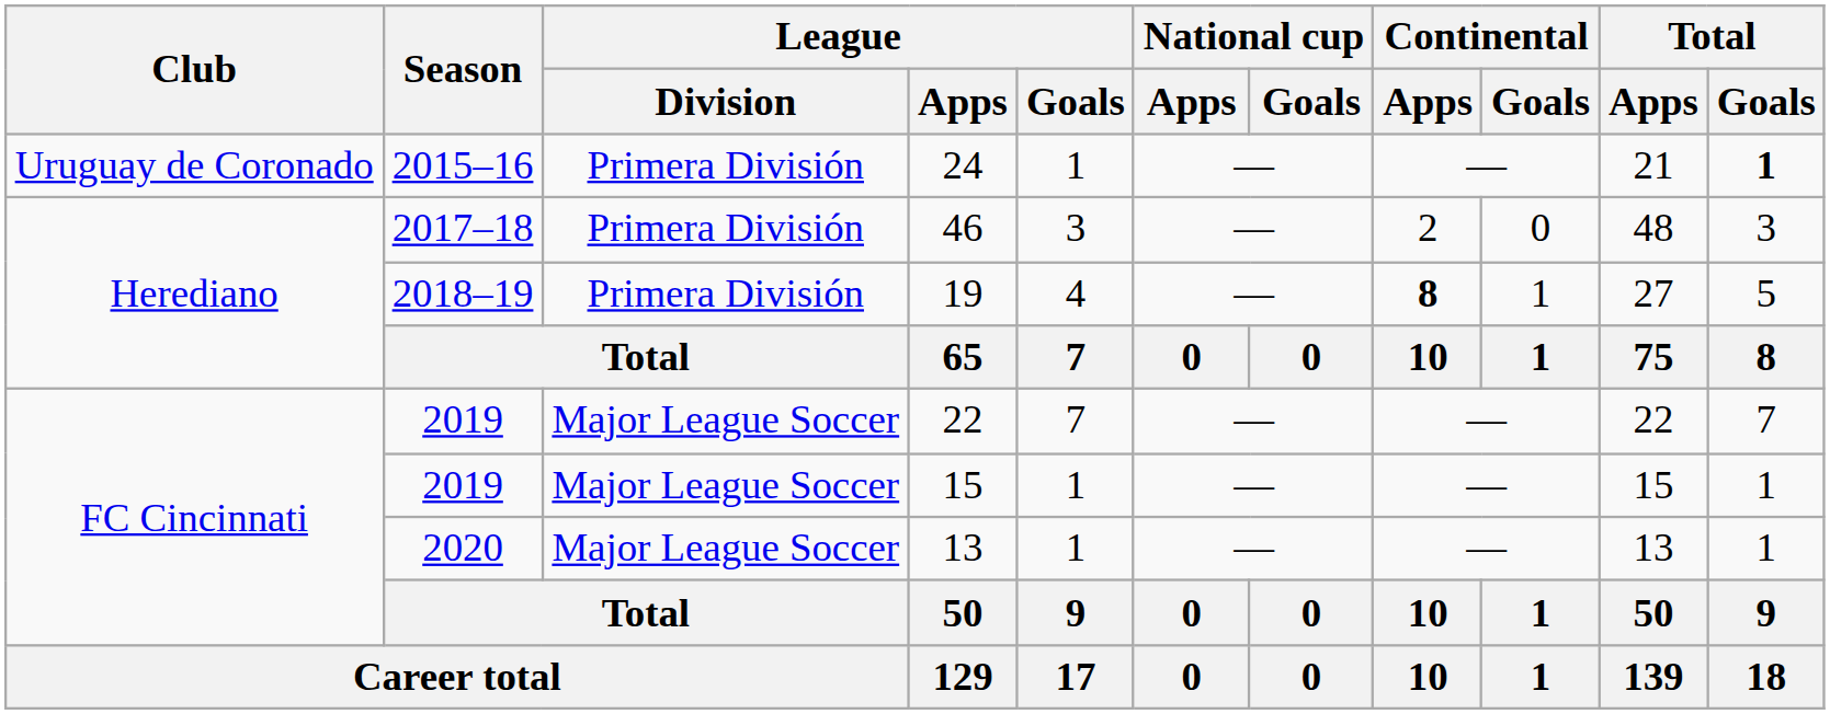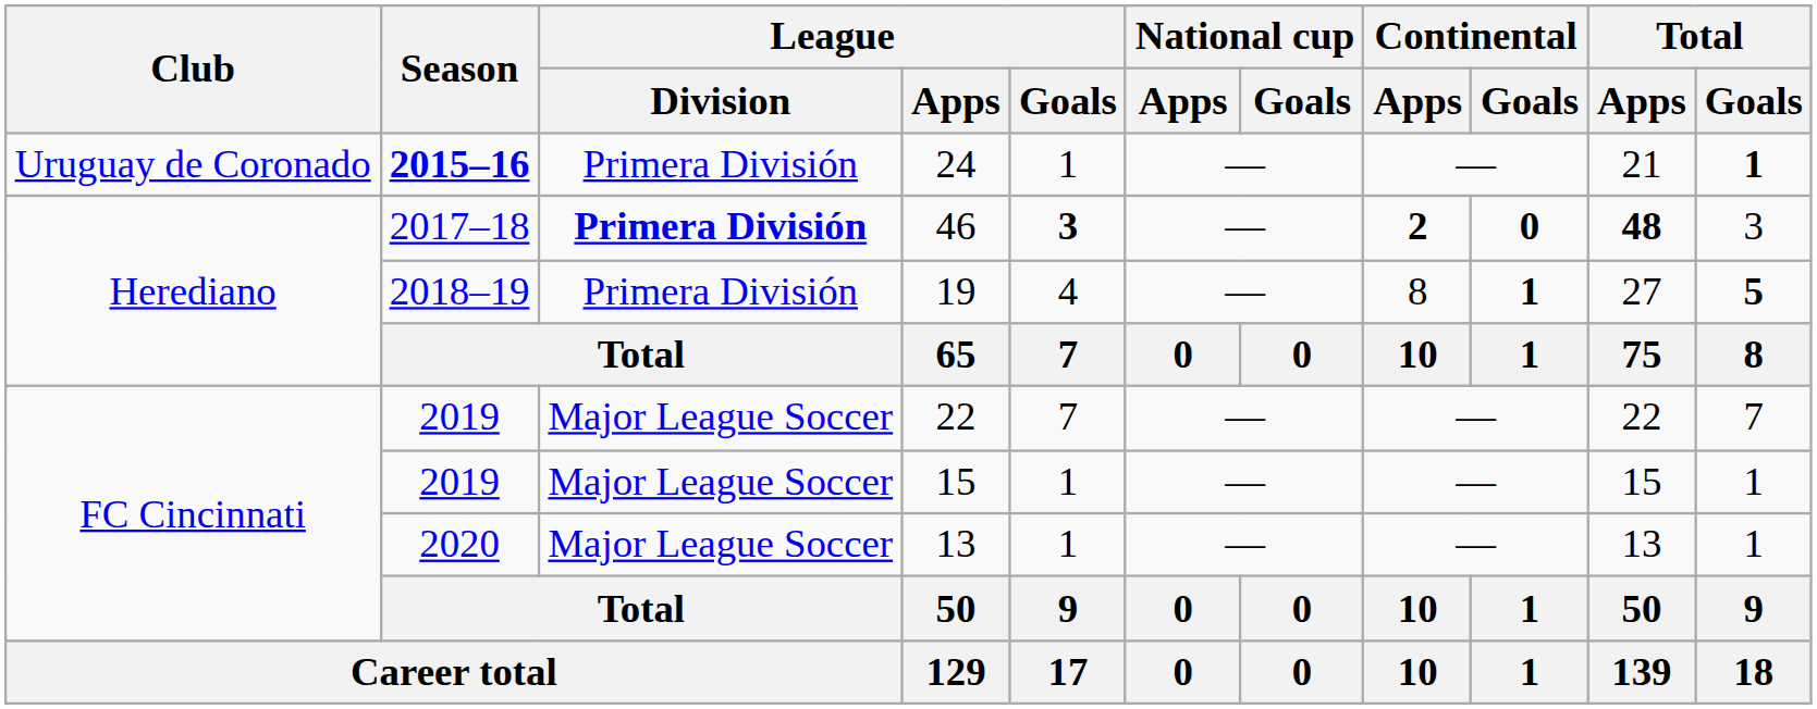 <table class=wikitable style=text-align:center>
 <tr>
 <th rowspan=2>Club</th>
 <th rowspan=2>Season</th>
 <th colspan=3>League</th>
 <th colspan=2>National cup</th>
 <th colspan=2>Continental</th>
 <th colspan=2>Total</th>
 </tr>
 <tr>
 <th>Division</th>
 <th>Apps</th>
 <th>Goals</th>
 <th>Apps</th>
 <th>Goals</th>
 <th>Apps</th>
 <th>Goals</th>
 <th>Apps</th>
 <th>Goals</th>
 </tr>
 <tr>
 <td rowspan=1><a href='#'>Uruguay de Coronado</a></td>
-<td><a href='#'>2015–16</a></td>
+<td><strong><a href='#'>2015–16</a></strong></td>
 <td><a href='#'>Primera División</a></td>
 <td>24</td>
 <td>1</td>
 <td colspan=2>—</td>
 <td colspan=2>—</td>
 <td>21</td>
 <td><strong>1</strong></td>
 </tr>
 <tr>
 <td rowspan=3><a href='#'>Herediano</a></td>
 <td><a href='#'>2017–18</a></td>
-<td><a href='#'>Primera División</a></td>
+<td><strong><a href='#'>Primera División</a></strong></td>
 <td>46</td>
-<td>3</td>
+<td><strong>3</strong></td>
 <td colspan=2>—</td>
-<td>2</td>
-<td>0</td>
-<td>48</td>
+<td><strong>2</strong></td>
+<td><strong>0</strong></td>
+<td><strong>48</strong></td>
 <td>3</td>
 </tr>
 <tr>
 <td><a href='#'>2018–19</a></td>
 <td><a href='#'>Primera División</a></td>
 <td>19</td>
 <td>4</td>
 <td colspan=2>—</td>
-<td><strong>8</strong></td>
-<td>1</td>
+<td>8</td>
+<td><strong>1</strong></td>
 <td>27</td>
-<td>5</td>
+<td><strong>5</strong></td>
 </tr>
 <tr>
 <th colspan=2>Total</th>
 <th>65</th>
 <th>7</th>
 <th>0</th>
 <th>0</th>
 <th>10</th>
 <th>1</th>
 <th>75</th>
 <th>8</th>
 </tr>
 <tr>
 <td rowspan=4><a href='#'>FC Cincinnati</a></td>
 <td><a href='#'>2019</a></td>
 <td><a href='#'>Major League Soccer</a></td>
 <td>22</td>
 <td>7</td>
 <td colspan=2>—</td>
 <td colspan=2>—</td>
 <td>22</td>
 <td>7</td>
 </tr>
 <tr>
 <td><a href='#'>2019</a></td>
 <td><a href='#'>Major League Soccer</a></td>
 <td>15</td>
 <td>1</td>
 <td colspan=2>—</td>
 <td colspan=2>—</td>
 <td>15</td>
 <td>1</td>
 </tr>
 <tr>
 <td><a href='#'>2020</a></td>
 <td><a href='#'>Major League Soccer</a></td>
 <td>13</td>
 <td>1</td>
 <td colspan=2>—</td>
 <td colspan=2>—</td>
 <td>13</td>
 <td>1</td>
 </tr>
 <tr>
 <th colspan=2>Total</th>
 <th>50</th>
 <th>9</th>
 <th>0</th>
 <th>0</th>
 <th>10</th>
 <th>1</th>
 <th>50</th>
 <th>9</th>
 </tr>
 <tr>
 <th colspan=3>Career total</th>
 <th>129</th>
 <th>17</th>
 <th>0</th>
 <th>0</th>
 <th>10</th>
 <th>1</th>
 <th>139</th>
 <th>18</th>
 </tr>
 </table>
